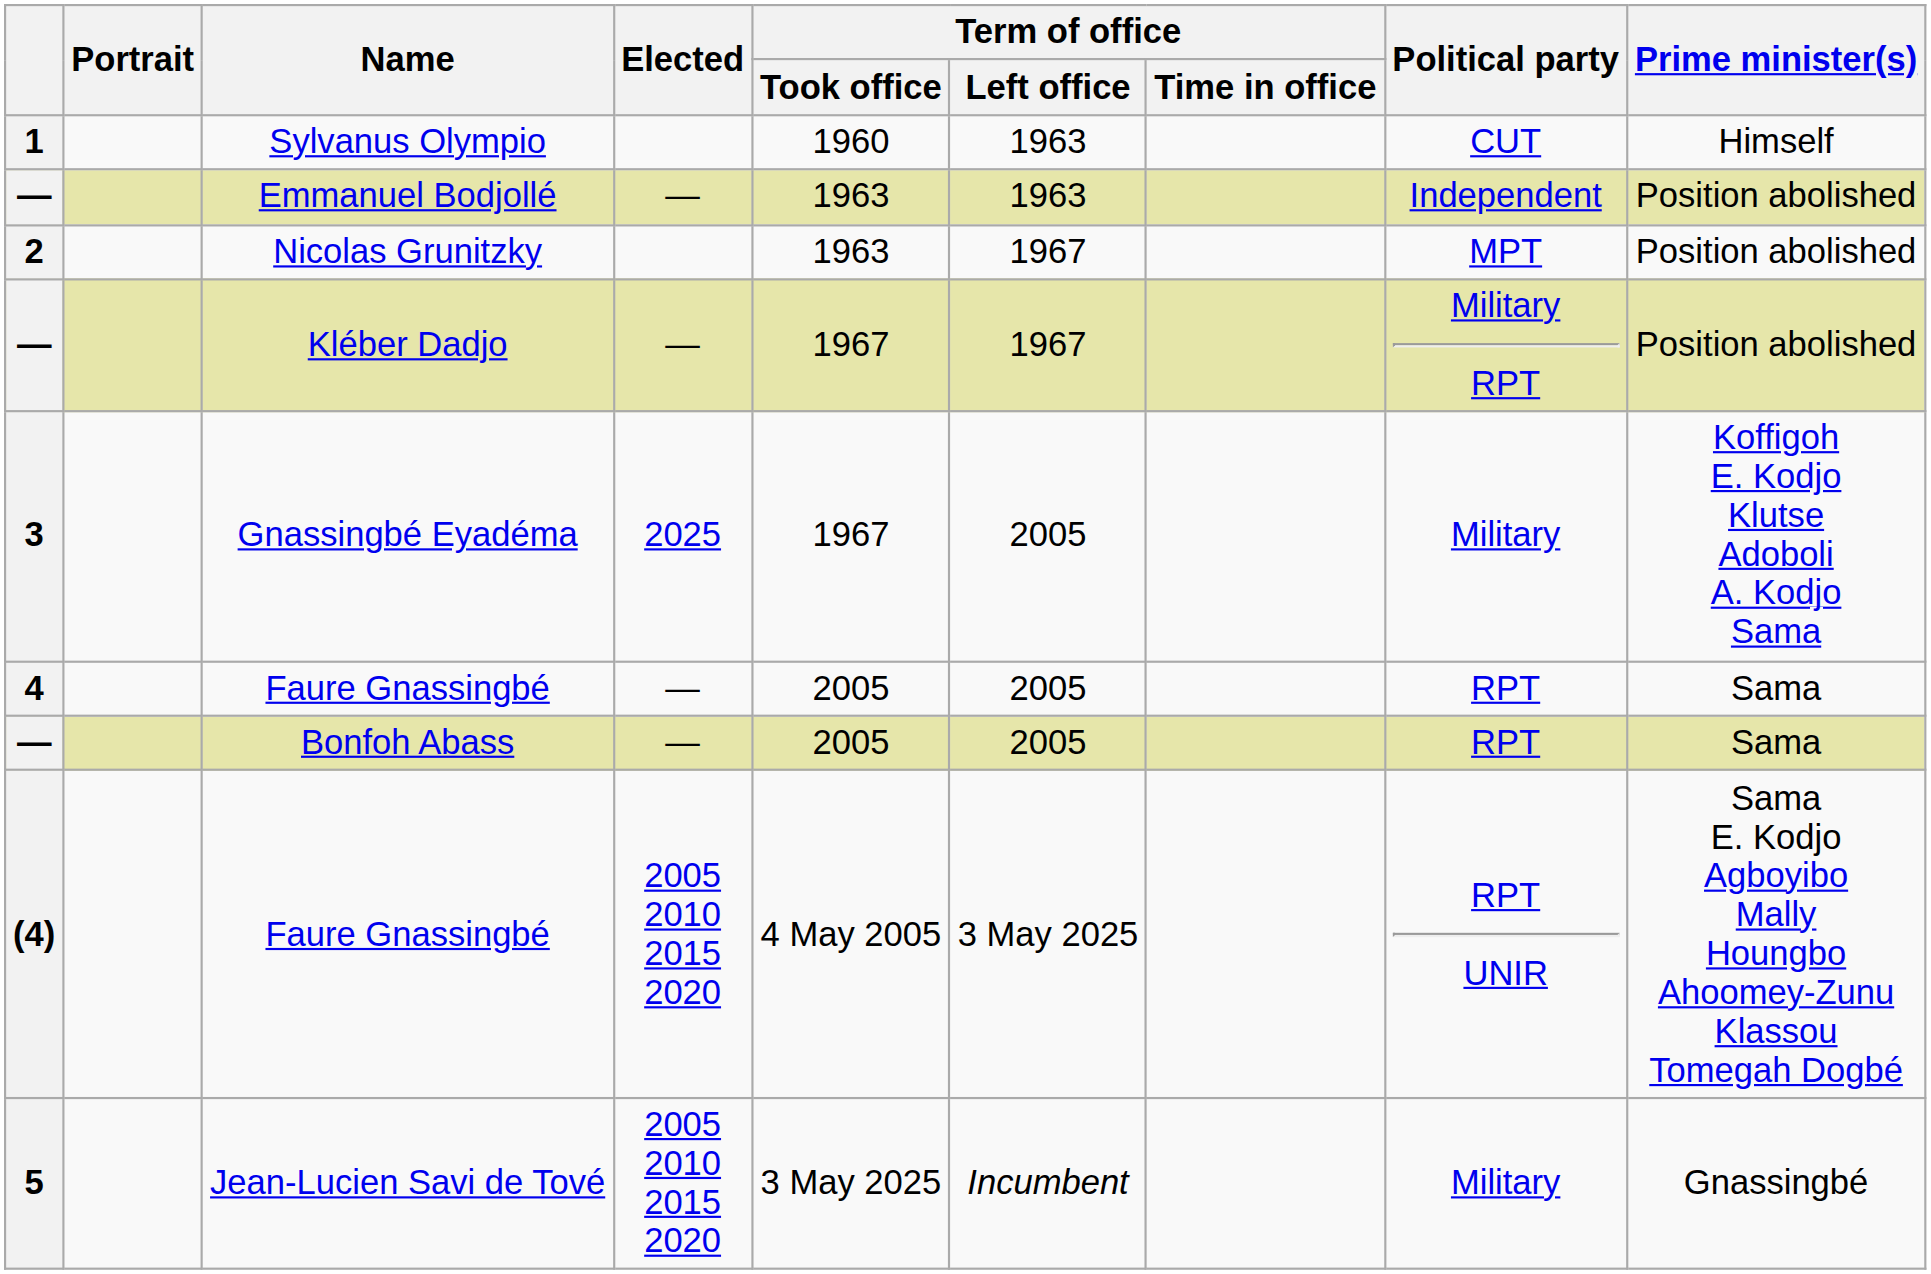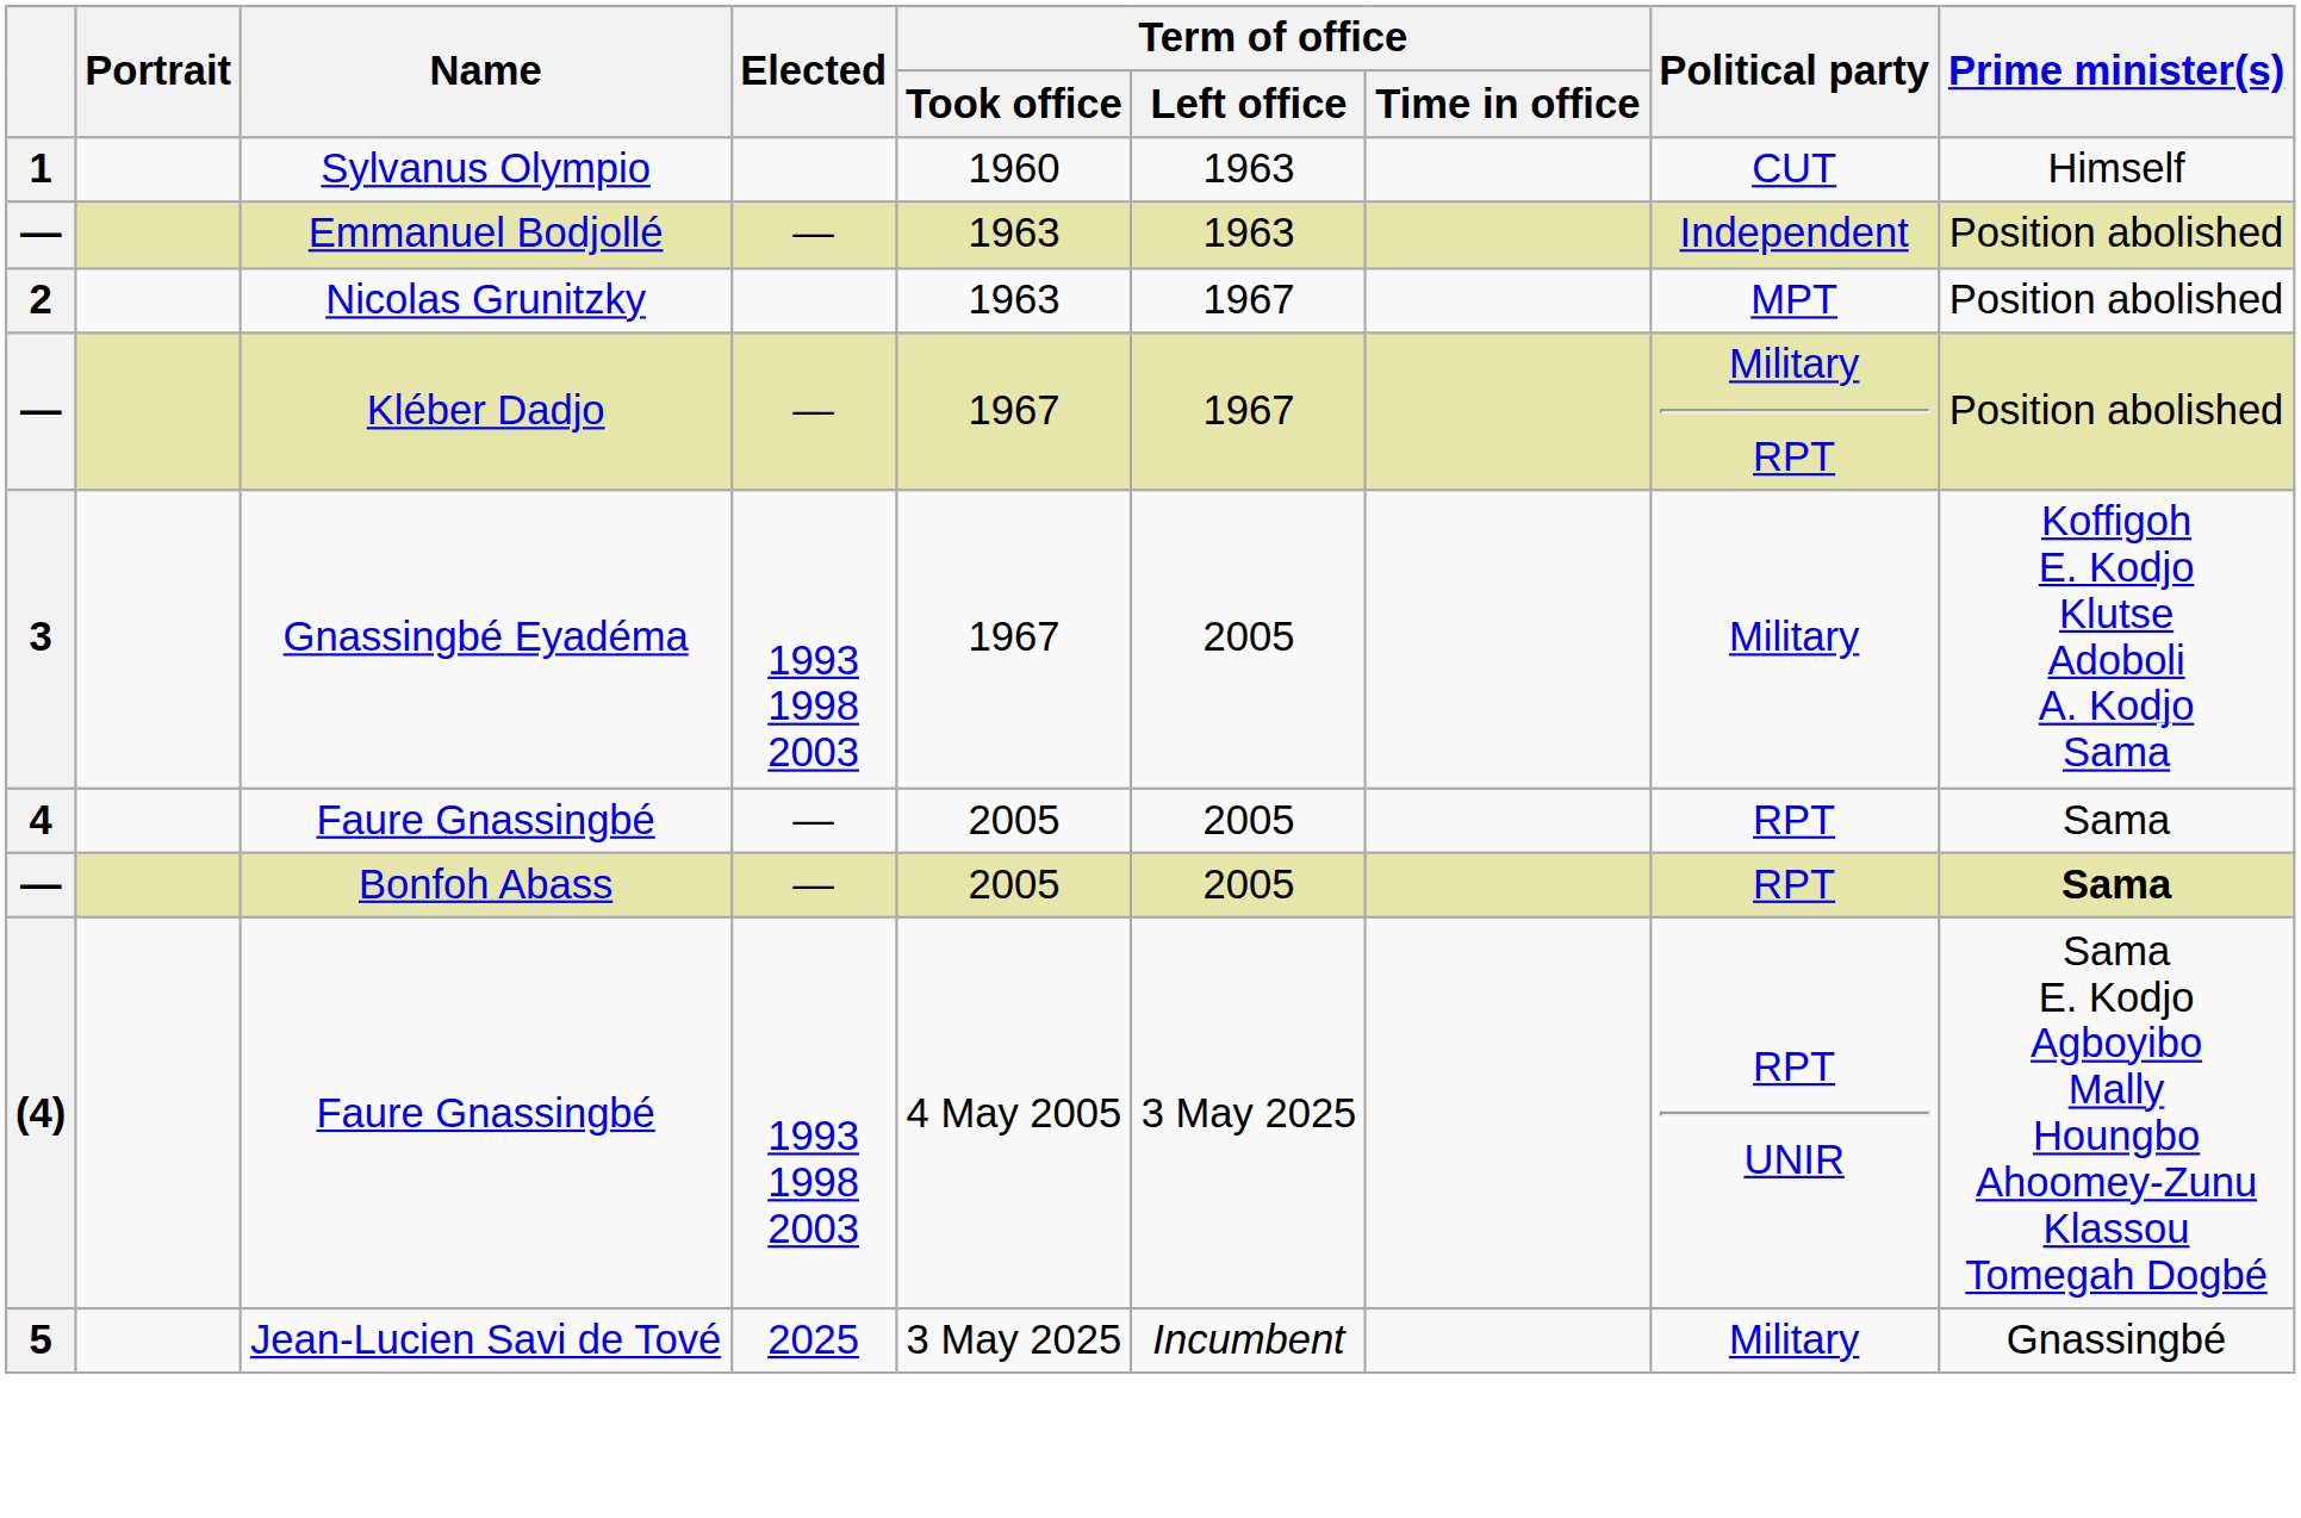 <table class="wikitable" style="text-align:center">
 <tr>
 <th rowspan="2"></th>
 <th rowspan="2">Portrait</th>
 <th rowspan="2">Name<br></th>
 <th rowspan="2">Elected</th>
 <th colspan="3">Term of office</th>
 <th rowspan="2">Political party</th>
 <th rowspan="2"><a href='#'>Prime minister(s)</a></th>
 </tr>
 <tr>
 <th>Took office</th>
 <th>Left office</th>
 <th>Time in office</th>
 </tr>
 <tr>
 <th style="background:">1</th>
 <td></td>
 <td><a href='#'>Sylvanus Olympio</a><br></td>
 <td></td>
 <td> 1960</td>
 <td> 1963 <br></td>
 <td></td>
 <td><a href='#'>CUT</a></td>
 <td>Himself</td>
 </tr>
 <tr style="background:#e6e6aa;">
 <th style="background:">—</th>
 <td></td>
 <td><a href='#'>Emmanuel Bodjollé</a><br></td>
 <td>—</td>
 <td> 1963</td>
 <td> 1963</td>
 <td></td>
 <td><a href='#'>Independent</a></td>
 <td>Position abolished</td>
 </tr>
 <tr>
 <th style="background:">2</th>
 <td></td>
 <td><a href='#'>Nicolas Grunitzky</a><br></td>
 <td></td>
 <td> 1963</td>
 <td> 1967<br></td>
 <td></td>
 <td><a href='#'>MPT</a></td>
 <td>Position abolished</td>
 </tr>
 <tr style="background:#e6e6aa;">
 <th style="background:">—</th>
 <td></td>
 <td><a href='#'>Kléber Dadjo</a><br></td>
 <td>—</td>
 <td> 1967</td>
 <td> 1967</td>
 <td></td>
 <td><a href='#'>Military</a><br> <hr> <a href='#'>RPT</a><br></td>
 <td>Position abolished</td>
 </tr>
 <tr>
 <th style="background:linear-gradient(">3</th>
 <td></td>
 <td><a href='#'>Gnassingbé Eyadéma</a><br></td>
-<td><a href='#'>2025</a></td>
+<td><br><br><br><a href='#'>1993</a><br><a href='#'>1998</a><br><a href='#'>2003</a></td>
 <td> 1967</td>
 <td> 2005</td>
 <td></td>
 <td><a href='#'>Military</a></td>
 <td><a href='#'>Koffigoh</a><br><a href='#'>E. Kodjo</a><br><a href='#'>Klutse</a><br><a href='#'>Adoboli</a><br><a href='#'>A. Kodjo</a><br><a href='#'>Sama</a></td>
 </tr>
 <tr>
 <th style="background:">4</th>
 <td></td>
 <td><a href='#'>Faure Gnassingbé</a><br></td>
 <td>—</td>
 <td> 2005</td>
 <td> 2005<br></td>
 <td></td>
 <td><a href='#'>RPT</a></td>
 <td>Sama</td>
 </tr>
 <tr style="background:#e6e6aa;">
 <th style="background:">—</th>
 <td></td>
 <td><a href='#'>Bonfoh Abass</a><br></td>
 <td>—</td>
 <td> 2005</td>
 <td> 2005</td>
 <td></td>
 <td><a href='#'>RPT</a></td>
-<td>Sama</td>
+<td><strong>Sama</strong></td>
 </tr>
 <tr>
 <th style="background: linear-gradient(">(4)</th>
 <td></td>
 <td><a href='#'>Faure Gnassingbé</a><br></td>
-<td><a href='#'>2005</a><br><a href='#'>2010</a><br><a href='#'>2015</a><br><a href='#'>2020</a></td>
+<td><br><br><br><a href='#'>1993</a><br><a href='#'>1998</a><br><a href='#'>2003</a></td>
 <td>4 May 2005</td>
 <td>3 May 2025</td>
 <td></td>
 <td><a href='#'>RPT</a><br> <hr> <a href='#'>UNIR</a><br></td>
 <td>Sama<br>E. Kodjo<br><a href='#'>Agboyibo</a><br><a href='#'>Mally</a><br><a href='#'>Houngbo</a><br><a href='#'>Ahoomey-Zunu</a><br><a href='#'>Klassou</a><br><a href='#'>Tomegah Dogbé</a></td>
 </tr>
 <tr>
 <th style="background:">5</th>
 <td></td>
 <td><a href='#'>Jean-Lucien Savi de Tové</a><br></td>
-<td><a href='#'>2005</a><br><a href='#'>2010</a><br><a href='#'>2015</a><br><a href='#'>2020</a></td>
+<td><a href='#'>2025</a></td>
 <td>3 May 2025</td>
 <td><em>Incumbent</em></td>
 <td></td>
 <td><a href='#'>Military</a></td>
 <td>Gnassingbé</td>
 </tr>
 </table>
